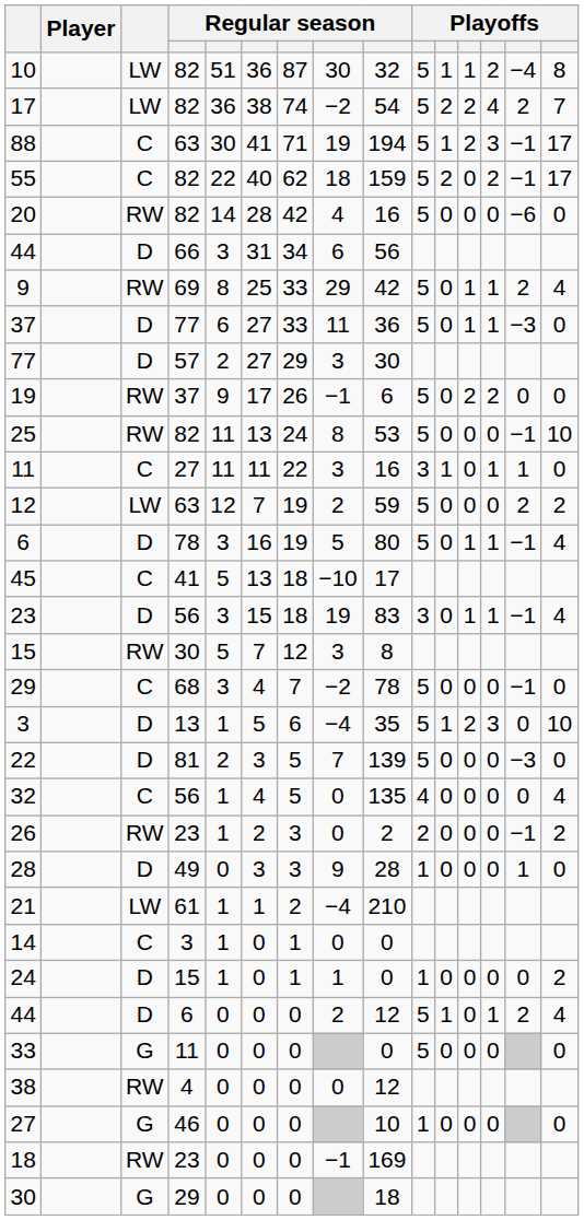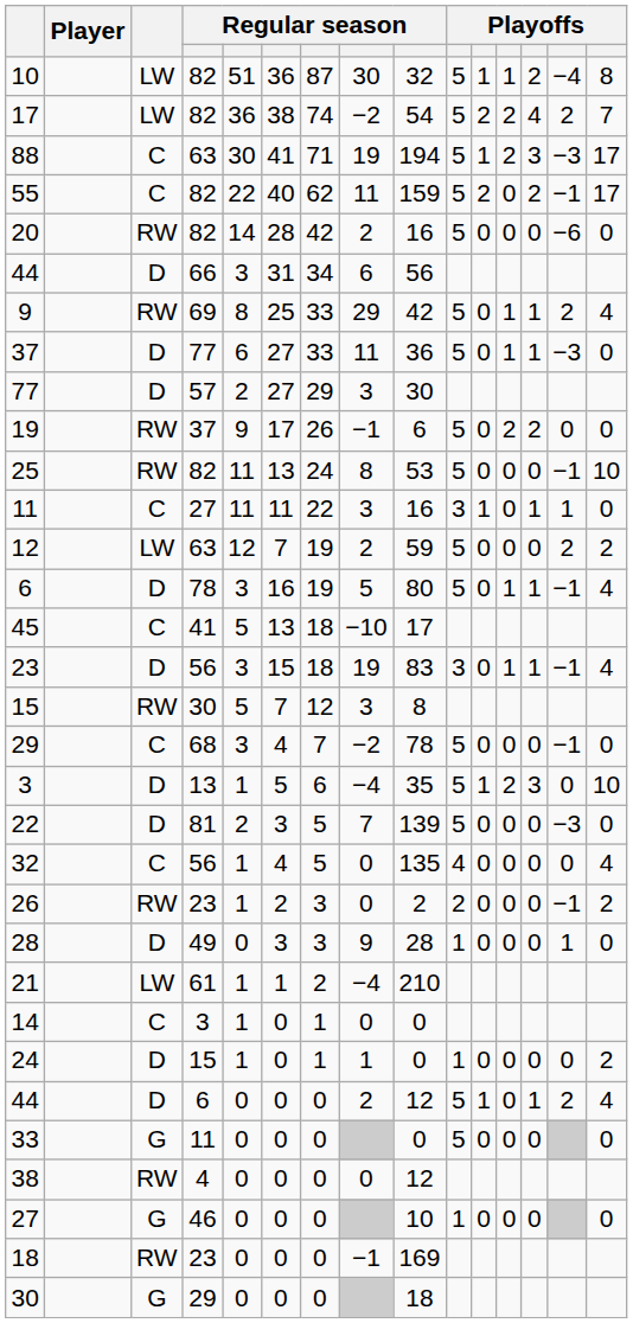 <table class="wikitable sortable plainrowheaders" style="text-align:center;">
 <tr>
 <th scope="col" data-sort-type="number" rowspan="2"></th>
 <th scope="col" rowspan="2">Player</th>
 <th scope="col" rowspan="2"></th>
 <th scope=colgroup colspan=6>Regular season</th>
 <th scope=colgroup colspan=6>Playoffs</th>
 </tr>
 <tr>
 <th scope="col" data-sort-type="number"></th>
 <th scope="col" data-sort-type="number"></th>
 <th scope="col" data-sort-type="number"></th>
 <th scope="col" data-sort-type="number"></th>
 <th scope="col" data-sort-type="number"></th>
 <th scope="col" data-sort-type="number"></th>
 <th scope="col" data-sort-type="number"></th>
 <th scope="col" data-sort-type="number"></th>
 <th scope="col" data-sort-type="number"></th>
 <th scope="col" data-sort-type="number"></th>
 <th scope="col" data-sort-type="number"></th>
 <th scope="col" data-sort-type="number"></th>
 </tr>
 <tr>
 <td scope="row">10</td>
 <td align="left"></td>
 <td>LW</td>
 <td>82</td>
 <td>51</td>
 <td>36</td>
 <td>87</td>
 <td>30</td>
 <td>32</td>
 <td>5</td>
 <td>1</td>
 <td>1</td>
 <td>2</td>
 <td>−4</td>
 <td>8</td>
 </tr>
 <tr>
 <td scope="row">17</td>
 <td align="left"></td>
 <td>LW</td>
 <td>82</td>
 <td>36</td>
 <td>38</td>
 <td>74</td>
 <td>−2</td>
 <td>54</td>
 <td>5</td>
 <td>2</td>
 <td>2</td>
 <td>4</td>
 <td>2</td>
 <td>7</td>
 </tr>
 <tr>
 <td scope="row">88</td>
 <td align="left"></td>
 <td>C</td>
 <td>63</td>
 <td>30</td>
 <td>41</td>
 <td>71</td>
 <td>19</td>
 <td>194</td>
 <td>5</td>
 <td>1</td>
 <td>2</td>
 <td>3</td>
-<td>−1</td>
+<td>−3</td>
 <td>17</td>
 </tr>
 <tr>
 <td scope="row">55</td>
 <td align="left"></td>
 <td>C</td>
 <td>82</td>
 <td>22</td>
 <td>40</td>
 <td>62</td>
-<td>18</td>
+<td>11</td>
 <td>159</td>
 <td>5</td>
 <td>2</td>
 <td>0</td>
 <td>2</td>
 <td>−1</td>
 <td>17</td>
 </tr>
 <tr>
 <td scope="row">20</td>
 <td align="left"></td>
 <td>RW</td>
 <td>82</td>
 <td>14</td>
 <td>28</td>
 <td>42</td>
-<td>4</td>
+<td>2</td>
 <td>16</td>
 <td>5</td>
 <td>0</td>
 <td>0</td>
 <td>0</td>
 <td>−6</td>
 <td>0</td>
 </tr>
 <tr>
 <td scope="row">44</td>
 <td align="left"></td>
 <td>D</td>
 <td>66</td>
 <td>3</td>
 <td>31</td>
 <td>34</td>
 <td>6</td>
 <td>56</td>
 <td></td>
 <td></td>
 <td></td>
 <td></td>
 <td></td>
 <td></td>
 </tr>
 <tr>
 <td scope="row">9</td>
 <td align="left"></td>
 <td>RW</td>
 <td>69</td>
 <td>8</td>
 <td>25</td>
 <td>33</td>
 <td>29</td>
 <td>42</td>
 <td>5</td>
 <td>0</td>
 <td>1</td>
 <td>1</td>
 <td>2</td>
 <td>4</td>
 </tr>
 <tr>
 <td scope="row">37</td>
 <td align="left"></td>
 <td>D</td>
 <td>77</td>
 <td>6</td>
 <td>27</td>
 <td>33</td>
 <td>11</td>
 <td>36</td>
 <td>5</td>
 <td>0</td>
 <td>1</td>
 <td>1</td>
 <td>−3</td>
 <td>0</td>
 </tr>
 <tr>
 <td scope="row">77</td>
 <td align="left"></td>
 <td>D</td>
 <td>57</td>
 <td>2</td>
 <td>27</td>
 <td>29</td>
 <td>3</td>
 <td>30</td>
 <td></td>
 <td></td>
 <td></td>
 <td></td>
 <td></td>
 <td></td>
 </tr>
 <tr>
 <td scope="row">19</td>
 <td align="left"></td>
 <td>RW</td>
 <td>37</td>
 <td>9</td>
 <td>17</td>
 <td>26</td>
 <td>−1</td>
 <td>6</td>
 <td>5</td>
 <td>0</td>
 <td>2</td>
 <td>2</td>
 <td>0</td>
 <td>0</td>
 </tr>
 <tr>
 <td scope="row">25</td>
 <td align="left"></td>
 <td>RW</td>
 <td>82</td>
 <td>11</td>
 <td>13</td>
 <td>24</td>
 <td>8</td>
 <td>53</td>
 <td>5</td>
 <td>0</td>
 <td>0</td>
 <td>0</td>
 <td>−1</td>
 <td>10</td>
 </tr>
 <tr>
 <td scope="row">11</td>
 <td align="left"></td>
 <td>C</td>
 <td>27</td>
 <td>11</td>
 <td>11</td>
 <td>22</td>
 <td>3</td>
 <td>16</td>
 <td>3</td>
 <td>1</td>
 <td>0</td>
 <td>1</td>
 <td>1</td>
 <td>0</td>
 </tr>
 <tr>
 <td scope="row">12</td>
 <td align="left"></td>
 <td>LW</td>
 <td>63</td>
 <td>12</td>
 <td>7</td>
 <td>19</td>
 <td>2</td>
 <td>59</td>
 <td>5</td>
 <td>0</td>
 <td>0</td>
 <td>0</td>
 <td>2</td>
 <td>2</td>
 </tr>
 <tr>
 <td scope="row">6</td>
 <td align="left"></td>
 <td>D</td>
 <td>78</td>
 <td>3</td>
 <td>16</td>
 <td>19</td>
 <td>5</td>
 <td>80</td>
 <td>5</td>
 <td>0</td>
 <td>1</td>
 <td>1</td>
 <td>−1</td>
 <td>4</td>
 </tr>
 <tr>
 <td scope="row">45</td>
 <td align="left"></td>
 <td>C</td>
 <td>41</td>
 <td>5</td>
 <td>13</td>
 <td>18</td>
 <td>−10</td>
 <td>17</td>
 <td></td>
 <td></td>
 <td></td>
 <td></td>
 <td></td>
 <td></td>
 </tr>
 <tr>
 <td scope="row">23</td>
 <td align="left"></td>
 <td>D</td>
 <td>56</td>
 <td>3</td>
 <td>15</td>
 <td>18</td>
 <td>19</td>
 <td>83</td>
 <td>3</td>
 <td>0</td>
 <td>1</td>
 <td>1</td>
 <td>−1</td>
 <td>4</td>
 </tr>
 <tr>
 <td scope="row">15</td>
 <td align="left"></td>
 <td>RW</td>
 <td>30</td>
 <td>5</td>
 <td>7</td>
 <td>12</td>
 <td>3</td>
 <td>8</td>
 <td></td>
 <td></td>
 <td></td>
 <td></td>
 <td></td>
 <td></td>
 </tr>
 <tr>
 <td scope="row">29</td>
 <td align="left"></td>
 <td>C</td>
 <td>68</td>
 <td>3</td>
 <td>4</td>
 <td>7</td>
 <td>−2</td>
 <td>78</td>
 <td>5</td>
 <td>0</td>
 <td>0</td>
 <td>0</td>
 <td>−1</td>
 <td>0</td>
 </tr>
 <tr>
 <td scope="row">3</td>
 <td align="left"></td>
 <td>D</td>
 <td>13</td>
 <td>1</td>
 <td>5</td>
 <td>6</td>
 <td>−4</td>
 <td>35</td>
 <td>5</td>
 <td>1</td>
 <td>2</td>
 <td>3</td>
 <td>0</td>
 <td>10</td>
 </tr>
 <tr>
 <td scope="row">22</td>
 <td align="left"></td>
 <td>D</td>
 <td>81</td>
 <td>2</td>
 <td>3</td>
 <td>5</td>
 <td>7</td>
 <td>139</td>
 <td>5</td>
 <td>0</td>
 <td>0</td>
 <td>0</td>
 <td>−3</td>
 <td>0</td>
 </tr>
 <tr>
 <td scope="row">32</td>
 <td align="left"></td>
 <td>C</td>
 <td>56</td>
 <td>1</td>
 <td>4</td>
 <td>5</td>
 <td>0</td>
 <td>135</td>
 <td>4</td>
 <td>0</td>
 <td>0</td>
 <td>0</td>
 <td>0</td>
 <td>4</td>
 </tr>
 <tr>
 <td scope="row">26</td>
 <td align="left"></td>
 <td>RW</td>
 <td>23</td>
 <td>1</td>
 <td>2</td>
 <td>3</td>
 <td>0</td>
 <td>2</td>
 <td>2</td>
 <td>0</td>
 <td>0</td>
 <td>0</td>
 <td>−1</td>
 <td>2</td>
 </tr>
 <tr>
 <td scope="row">28</td>
 <td align="left"></td>
 <td>D</td>
 <td>49</td>
 <td>0</td>
 <td>3</td>
 <td>3</td>
 <td>9</td>
 <td>28</td>
 <td>1</td>
 <td>0</td>
 <td>0</td>
 <td>0</td>
 <td>1</td>
 <td>0</td>
 </tr>
 <tr>
 <td scope="row">21</td>
 <td align="left"></td>
 <td>LW</td>
 <td>61</td>
 <td>1</td>
 <td>1</td>
 <td>2</td>
 <td>−4</td>
 <td>210</td>
 <td></td>
 <td></td>
 <td></td>
 <td></td>
 <td></td>
 <td></td>
 </tr>
 <tr>
 <td scope="row">14</td>
 <td align="left"></td>
 <td>C</td>
 <td>3</td>
 <td>1</td>
 <td>0</td>
 <td>1</td>
 <td>0</td>
 <td>0</td>
 <td></td>
 <td></td>
 <td></td>
 <td></td>
 <td></td>
 <td></td>
 </tr>
 <tr>
 <td scope="row">24</td>
 <td align="left"></td>
 <td>D</td>
 <td>15</td>
 <td>1</td>
 <td>0</td>
 <td>1</td>
 <td>1</td>
 <td>0</td>
 <td>1</td>
 <td>0</td>
 <td>0</td>
 <td>0</td>
 <td>0</td>
 <td>2</td>
 </tr>
 <tr>
 <td scope="row">44</td>
 <td align="left"></td>
 <td>D</td>
 <td>6</td>
 <td>0</td>
 <td>0</td>
 <td>0</td>
 <td>2</td>
 <td>12</td>
 <td>5</td>
 <td>1</td>
 <td>0</td>
 <td>1</td>
 <td>2</td>
 <td>4</td>
 </tr>
 <tr>
 <td scope="row">33</td>
 <td align="left"></td>
 <td>G</td>
 <td>11</td>
 <td>0</td>
 <td>0</td>
 <td>0</td>
 <td style="background:#ccc"></td>
 <td>0</td>
 <td>5</td>
 <td>0</td>
 <td>0</td>
 <td>0</td>
 <td style="background:#ccc"></td>
 <td>0</td>
 </tr>
 <tr>
 <td scope="row">38</td>
 <td align="left"></td>
 <td>RW</td>
 <td>4</td>
 <td>0</td>
 <td>0</td>
 <td>0</td>
 <td>0</td>
 <td>12</td>
 <td></td>
 <td></td>
 <td></td>
 <td></td>
 <td></td>
 <td></td>
 </tr>
 <tr>
 <td scope="row">27</td>
 <td align="left"></td>
 <td>G</td>
 <td>46</td>
 <td>0</td>
 <td>0</td>
 <td>0</td>
 <td style="background:#ccc"></td>
 <td>10</td>
 <td>1</td>
 <td>0</td>
 <td>0</td>
 <td>0</td>
 <td style="background:#ccc"></td>
 <td>0</td>
 </tr>
 <tr>
 <td scope="row">18</td>
 <td align="left"></td>
 <td>RW</td>
 <td>23</td>
 <td>0</td>
 <td>0</td>
 <td>0</td>
 <td>−1</td>
 <td>169</td>
 <td></td>
 <td></td>
 <td></td>
 <td></td>
 <td></td>
 <td></td>
 </tr>
 <tr>
 <td scope="row">30</td>
 <td align="left"></td>
 <td>G</td>
 <td>29</td>
 <td>0</td>
 <td>0</td>
 <td>0</td>
 <td style="background:#ccc"></td>
 <td>18</td>
 <td></td>
 <td></td>
 <td></td>
 <td></td>
 <td></td>
 <td></td>
 </tr>
 </table>
